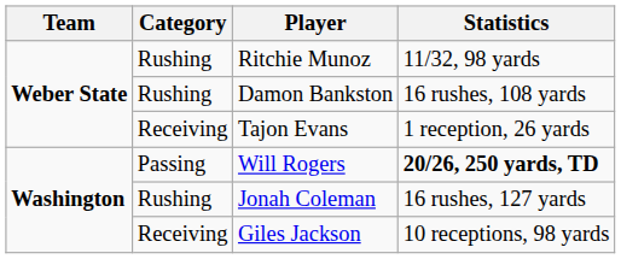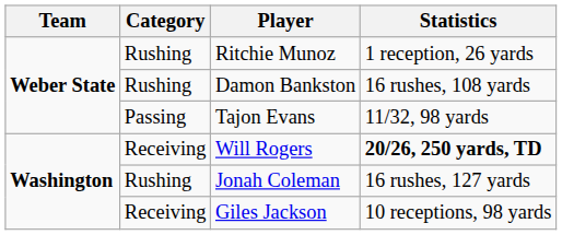 <table class="wikitable" style="float: right;">
 <tr>
 <th>Team</th>
 <th>Category</th>
 <th>Player</th>
 <th>Statistics</th>
 </tr>
 <tr>
 <td rowspan=3><strong>Weber State</strong></td>
 <td>Rushing</td>
 <td>Ritchie Munoz</td>
-<td>11/32, 98 yards</td>
+<td>1 reception, 26 yards</td>
 </tr>
 <tr>
 <td>Rushing</td>
 <td>Damon Bankston</td>
 <td>16 rushes, 108 yards</td>
 </tr>
 <tr>
-<td>Receiving</td>
+<td>Passing</td>
 <td>Tajon Evans</td>
-<td>1 reception, 26 yards</td>
+<td>11/32, 98 yards</td>
 </tr>
 <tr>
 <td rowspan=3><strong>Washington</strong></td>
-<td>Passing</td>
+<td>Receiving</td>
 <td><a href='#'>Will Rogers</a></td>
 <td><strong>20/26, 250 yards, TD</strong></td>
 </tr>
 <tr>
 <td>Rushing</td>
 <td><a href='#'>Jonah Coleman</a></td>
 <td>16 rushes, 127 yards</td>
 </tr>
 <tr>
 <td>Receiving</td>
 <td><a href='#'>Giles Jackson</a></td>
 <td>10 receptions, 98 yards</td>
 </tr>
 </table>
